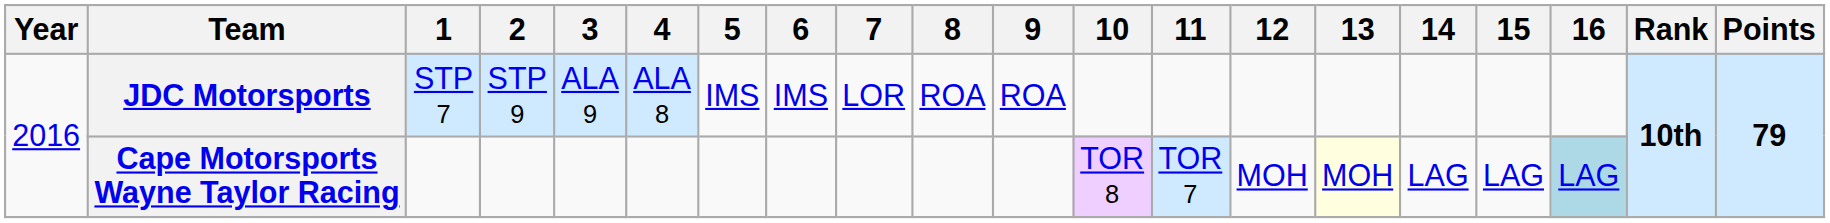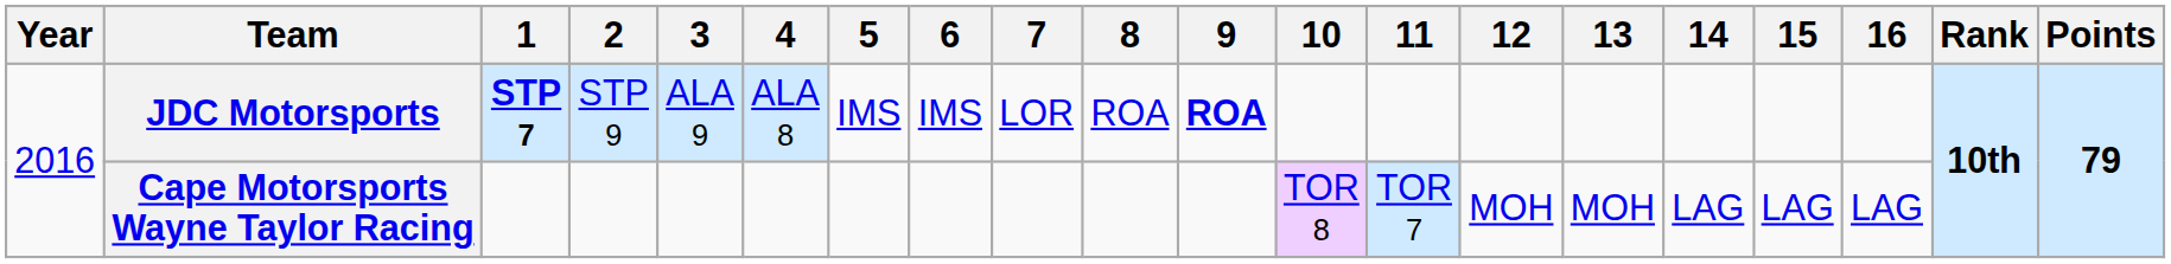 <table class="wikitable" style="text-align:center; font-size:90%">
 <tr>
 <th>Year</th>
 <th>Team</th>
 <th>1</th>
 <th>2</th>
 <th>3</th>
 <th>4</th>
 <th>5</th>
 <th>6</th>
 <th>7</th>
 <th>8</th>
 <th>9</th>
 <th>10</th>
 <th>11</th>
 <th>12</th>
 <th>13</th>
 <th>14</th>
 <th>15</th>
 <th>16</th>
 <th>Rank</th>
 <th>Points</th>
 </tr>
 <tr>
 <td rowspan=2><a href='#'>2016</a></td>
 <th><a href='#'>JDC Motorsports</a></th>
-<td style="background:#CFEAFF;"><a href='#'>STP</a><br><small>7</small></td>
+<td style="background:#CFEAFF;"><strong><a href='#'>STP</a><br><small>7</small></strong></td>
 <td style="background:#CFEAFF;"><a href='#'>STP</a><br><small>9</small></td>
 <td style="background:#CFEAFF;"><a href='#'>ALA</a><br><small>9</small></td>
 <td style="background:#CFEAFF;"><a href='#'>ALA</a><br><small>8</small></td>
 <td><a href='#'>IMS</a></td>
 <td><a href='#'>IMS</a></td>
 <td><a href='#'>LOR</a></td>
 <td><a href='#'>ROA</a></td>
-<td><a href='#'>ROA</a></td>
+<td><strong><a href='#'>ROA</a></strong></td>
 <td></td>
 <td></td>
 <td></td>
 <td></td>
 <td></td>
 <td></td>
 <td></td>
 <td rowspan=2 style="background:#CFEAFF;"><strong>10th</strong></td>
 <td rowspan=2 style="background:#CFEAFF;"><strong>79</strong></td>
 </tr>
 <tr>
 <th><a href='#'>Cape Motorsports</a> <br> <a href='#'>Wayne Taylor Racing</a></th>
 <td></td>
 <td></td>
 <td></td>
 <td></td>
 <td></td>
 <td></td>
 <td></td>
 <td></td>
 <td></td>
 <td style="background:#EFCFFF;"><a href='#'>TOR</a><br><small>8</small></td>
 <td style="background:#CFEAFF;"><a href='#'>TOR</a><br><small>7</small></td>
 <td><a href='#'>MOH</a></td>
-<td style="background: lightyellow;"><a href='#'>MOH</a></td>
+<td><a href='#'>MOH</a></td>
 <td><a href='#'>LAG</a></td>
 <td><a href='#'>LAG</a></td>
-<td style="background: lightblue;"><a href='#'>LAG</a></td>
+<td><a href='#'>LAG</a></td>
 </tr>
 </table>
